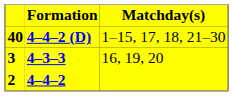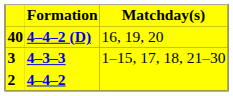 <table class="toccolours" border="0" cellpadding="2" cellspacing="0" align="center" style="margin: 0.5em 0 1em 1em; background: #000000; border: 1px #aaaaaa solid;">
 <tr>
 </tr>
 <tr bgcolor=#FFFF00>
 <th></th>
 <th>Formation</th>
 <th>Matchday(s)</th>
 </tr>
 <tr bgcolor=#FFFF00>
 <td><strong>40</strong></td>
 <td><a href='#'><span><strong>4–4–2 (D)</strong></span></a></td>
-<td>1–15, 17, 18, 21–30</td>
+<td>16, 19, 20</td>
 </tr>
 <tr bgcolor=#FFFF00>
 <td><strong>3</strong></td>
 <td><a href='#'><span><strong>4–3–3</strong></span></a></td>
-<td>16, 19, 20</td>
+<td>1–15, 17, 18, 21–30</td>
 </tr>
 <tr bgcolor=#FFFF00>
 <td><strong>2</strong></td>
 <td><a href='#'><span><strong>4–4–2</strong></span></a></td>
 <td></td>
 </tr>
 </table>
